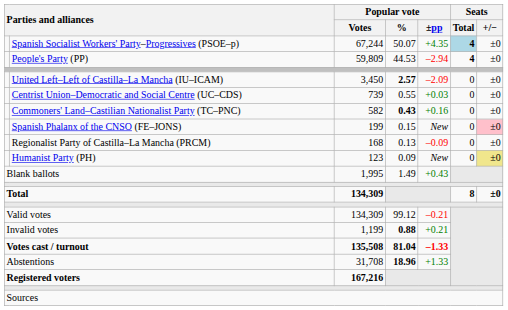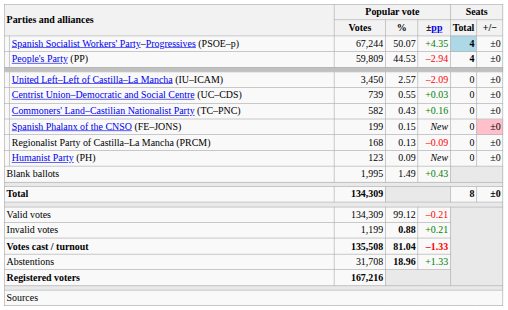 <table class="wikitable" style="text-align:right;">
 <tr>
 <th style="text-align:left;" rowspan="2" colspan="2" width="525">Parties and alliances</th>
 <th colspan="3">Popular vote</th>
 <th colspan="2">Seats</th>
 </tr>
 <tr>
 <th width="75">Votes</th>
 <th width="45">%</th>
 <th width="45">±<a href='#'>pp</a></th>
 <th width="35">Total</th>
 <th width="35">+/−</th>
 </tr>
 <tr>
 <td width="1" style="color:inherit;background:"></td>
 <td align="left"><a href='#'>Spanish Socialist Workers' Party</a>–<a href='#'>Progressives</a> (PSOE–p)</td>
 <td>67,244</td>
 <td>50.07</td>
 <td style="color:green;">+4.35</td>
 <td style="background: lightblue;"><strong>4</strong></td>
 <td>±0</td>
 </tr>
 <tr>
 <td style="color:inherit;background:"></td>
 <td align="left"><a href='#'>People's Party</a> (PP)</td>
 <td>59,809</td>
 <td>44.53</td>
 <td style="color:red;">–2.94</td>
 <td><strong>4</strong></td>
 <td>±0</td>
 </tr>
 <tr>
 <td colspan="7" bgcolor="#C0C0C0"></td>
 </tr>
 <tr>
 <td style="color:inherit;background:"></td>
 <td align="left"><a href='#'>United Left–Left of Castilla–La Mancha</a> (IU–ICAM)</td>
 <td>3,450</td>
-<td><strong>2.57</strong></td>
+<td>2.57</td>
 <td style="color:red;">–2.09</td>
 <td>0</td>
 <td>±0</td>
 </tr>
 <tr>
 <td style="color:inherit;background:"></td>
 <td align="left"><a href='#'>Centrist Union–Democratic and Social Centre</a> (UC–CDS)</td>
 <td>739</td>
 <td>0.55</td>
 <td style="color:green;">+0.03</td>
 <td>0</td>
 <td>±0</td>
 </tr>
 <tr>
 <td style="color:inherit;background:"></td>
 <td align="left"><a href='#'>Commoners' Land–Castilian Nationalist Party</a> (TC–PNC)</td>
 <td>582</td>
-<td><strong>0.43</strong></td>
+<td>0.43</td>
 <td style="color:green;">+0.16</td>
 <td>0</td>
 <td>±0</td>
 </tr>
 <tr>
 <td style="color:inherit;background:"></td>
 <td align="left"><a href='#'>Spanish Phalanx of the CNSO</a> (FE–JONS)</td>
 <td>199</td>
 <td>0.15</td>
 <td><em>New</em></td>
 <td>0</td>
 <td style="background: pink;">±0</td>
 </tr>
 <tr>
 <td style="color:inherit;background:"></td>
 <td align="left">Regionalist Party of Castilla–La Mancha (PRCM)</td>
 <td>168</td>
 <td>0.13</td>
 <td style="color:red;">–0.09</td>
 <td>0</td>
 <td>±0</td>
 </tr>
 <tr>
 <td style="color:inherit;background:"></td>
 <td align="left"><a href='#'>Humanist Party</a> (PH)</td>
 <td>123</td>
 <td>0.09</td>
 <td><em>New</em></td>
 <td>0</td>
-<td style="background: khaki;">±0</td>
+<td>±0</td>
 </tr>
 <tr>
 <td align="left" colspan="2">Blank ballots</td>
 <td>1,995</td>
 <td>1.49</td>
 <td style="color:green;">+0.43</td>
 <td bgcolor="#E9E9E9" colspan="2"></td>
 </tr>
 <tr>
 <td colspan="7" bgcolor="#E9E9E9"></td>
 </tr>
 <tr style="font-weight:bold;">
 <td align="left" colspan="2">Total</td>
 <td>134,309</td>
 <td bgcolor="#E9E9E9" colspan="2"></td>
 <td>8</td>
 <td>±0</td>
 </tr>
 <tr>
 <td colspan="7" bgcolor="#E9E9E9"></td>
 </tr>
 <tr>
 <td align="left" colspan="2">Valid votes</td>
 <td>134,309</td>
 <td>99.12</td>
 <td style="color:red;">–0.21</td>
 <td bgcolor="#E9E9E9" colspan="2" rowspan="5"></td>
 </tr>
 <tr>
 <td align="left" colspan="2">Invalid votes</td>
 <td>1,199</td>
 <td><strong>0.88</strong></td>
 <td style="color:green;">+0.21</td>
 </tr>
 <tr style="font-weight:bold;">
 <td align="left" colspan="2">Votes cast / turnout</td>
 <td>135,508</td>
 <td>81.04</td>
 <td style="color:red;">–1.33</td>
 </tr>
 <tr>
 <td align="left" colspan="2">Abstentions</td>
 <td>31,708</td>
 <td><strong>18.96</strong></td>
 <td style="color:green;">+1.33</td>
 </tr>
 <tr style="font-weight:bold;">
 <td align="left" colspan="2">Registered voters</td>
 <td>167,216</td>
 <td bgcolor="#E9E9E9" colspan="2"></td>
 </tr>
 <tr>
 <td colspan="7" bgcolor="#E9E9E9"></td>
 </tr>
 <tr>
 <td align="left" colspan="7">Sources</td>
 </tr>
 </table>
